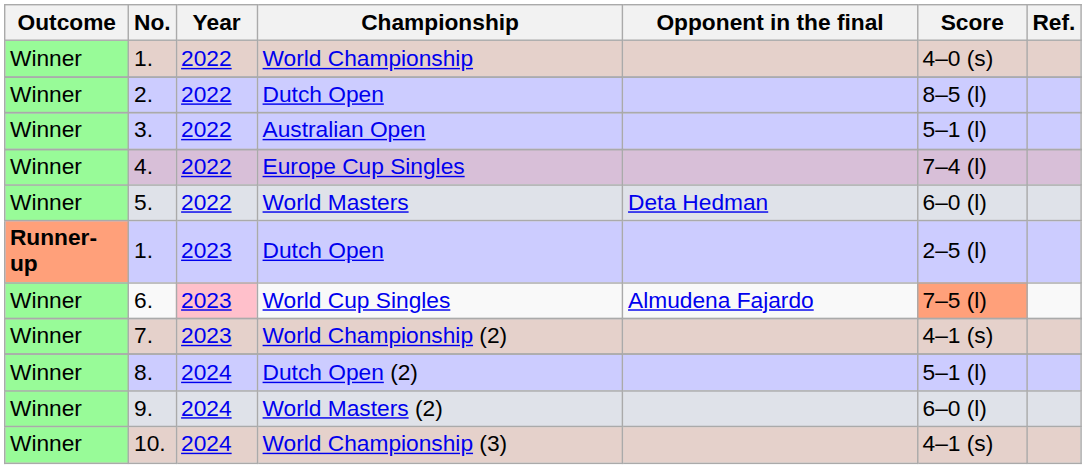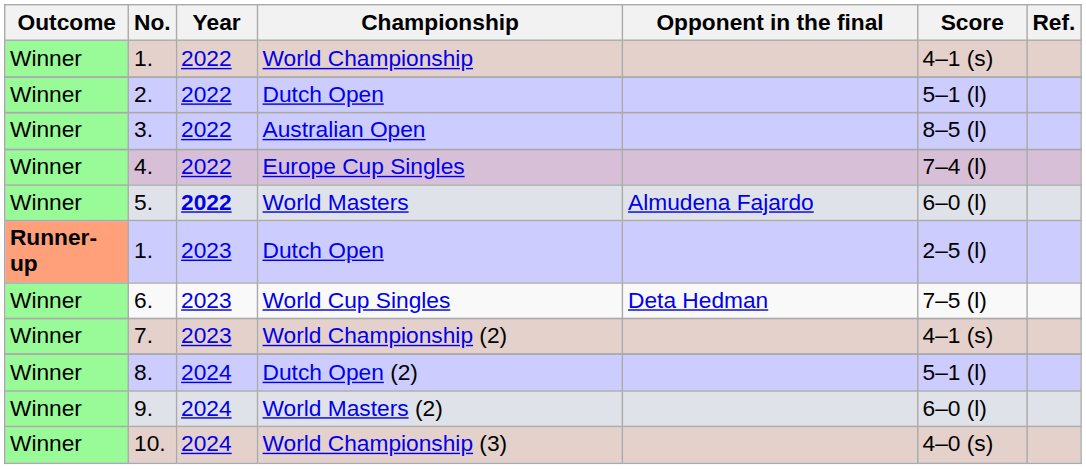 <table class="sortable wikitable">
 <tr>
 <th width="80">Outcome</th>
 <th width="20">No.</th>
 <th width="50">Year</th>
 <th style="width:250px;">Championship</th>
 <th style="width:200px;">Opponent in the final</th>
 <th width="70">Score </th>
 <th width="25">Ref.</th>
 </tr>
 <tr style="background:#e5d1cb;">
 <td style="background:#98FB98">Winner</td>
 <td>1.</td>
 <td><a href='#'>2022</a></td>
 <td><a href='#'>World Championship</a></td>
 <td></td>
-<td style="background:#e5d1cb;">4–0 (s)</td>
+<td style="background:#e5d1cb;">4–1 (s)</td>
 <td style="text-align:center;"></td>
 </tr>
 <tr style="background:#d0f0c0;">
 </tr>
 <tr style="background:#ccf;">
 <td style="background:#98FB98">Winner</td>
 <td>2.</td>
 <td><a href='#'>2022</a></td>
 <td><a href='#'>Dutch Open</a></td>
 <td></td>
-<td style="background:#ccf;">8–5 (l)</td>
+<td style="background:#ccf;">5–1 (l)</td>
 <td style="text-align:center;"></td>
 </tr>
 <tr style="background:#d0f0c0;">
 </tr>
 <tr style="background:#ccf;">
 <td style="background:#98FB98">Winner</td>
 <td>3.</td>
 <td><a href='#'>2022</a></td>
 <td><a href='#'>Australian Open</a></td>
 <td></td>
-<td style="background:#ccf;">5–1 (l)</td>
+<td style="background:#ccf;">8–5 (l)</td>
 <td style="text-align:center;"></td>
 </tr>
 <tr style="background:#d0f0c0;">
 </tr>
 <tr style="background:thistle">
 <td style="background:#98FB98">Winner</td>
 <td>4.</td>
 <td><a href='#'>2022</a></td>
 <td><a href='#'>Europe Cup Singles</a></td>
 <td></td>
 <td>7–4 (l)</td>
 <td style="text-align:center;"></td>
 </tr>
 <tr style="background:#dfe2e9;">
 <td style="background:#98FB98">Winner</td>
 <td>5.</td>
-<td><a href='#'>2022</a></td>
+<td><strong><a href='#'>2022</a></strong></td>
 <td><a href='#'>World Masters</a></td>
-<td> <a href='#'>Deta Hedman</a></td>
+<td> <a href='#'>Almudena Fajardo</a></td>
 <td style="background:#dfe2e9;">6–0 (l)</td>
 <td style="text-align:center;"></td>
 </tr>
 <tr style="background:#ccf;">
 <td style="background:#ffa07a;"><strong>Runner-up</strong></td>
 <td>1.</td>
 <td><a href='#'>2023</a></td>
 <td><a href='#'>Dutch Open</a></td>
 <td></td>
 <td style="background:#ccf;">2–5 (l)</td>
 <td style="text-align:center;"></td>
 </tr>
 <tr>
 <td style="background:#98FB98">Winner</td>
 <td>6.</td>
-<td style="background: pink;"><a href='#'>2023</a></td>
+<td><a href='#'>2023</a></td>
 <td><a href='#'>World Cup Singles</a></td>
-<td> <a href='#'>Almudena Fajardo</a></td>
-<td style="background: lightsalmon;">7–5 (l)</td>
+<td> <a href='#'>Deta Hedman</a></td>
+<td>7–5 (l)</td>
 <td></td>
 </tr>
 <tr>
 </tr>
 <tr style="background:#e5d1cb;">
 <td style="background:#98FB98">Winner</td>
 <td>7.</td>
 <td><a href='#'>2023</a></td>
 <td><a href='#'>World Championship</a> (2)</td>
 <td></td>
 <td style="background:#e5d1cb;">4–1 (s)</td>
 <td style="text-align:center;"></td>
 </tr>
 <tr>
 </tr>
 <tr style="background:#ccf;">
 <td style="background:#98FB98">Winner</td>
 <td>8.</td>
 <td><a href='#'>2024</a></td>
 <td><a href='#'>Dutch Open</a> (2)</td>
 <td></td>
 <td>5–1 (l)</td>
 <td></td>
 </tr>
 <tr style="background:#dfe2e9;">
 <td style="background:#98FB98">Winner</td>
 <td>9.</td>
 <td><a href='#'>2024</a></td>
 <td><a href='#'>World Masters</a> (2)</td>
 <td></td>
 <td>6–0 (l)</td>
 <td></td>
 </tr>
 <tr style="background:#e5d1cb;">
 <td style="background:#98FB98">Winner</td>
 <td>10.</td>
 <td><a href='#'>2024</a></td>
 <td><a href='#'>World Championship</a> (3)</td>
 <td></td>
-<td style="background:#e5d1cb;">4–1 (s)</td>
+<td style="background:#e5d1cb;">4–0 (s)</td>
 <td style="text-align:center;"></td>
 </tr>
 </table>
